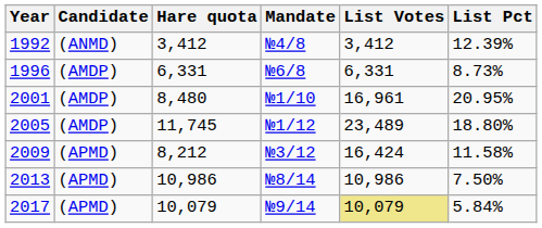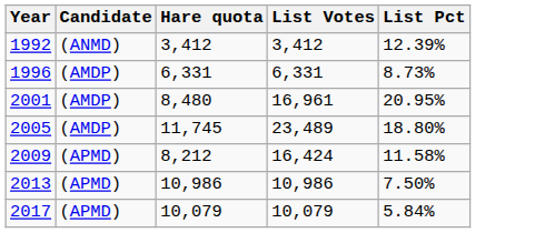 <table class="wikitable" style="margin:0.5em ; font-size:95%">
 <tr>
 <th>Year</th>
 <th>Candidate</th>
 <th>Hare quota</th>
-<th>Mandate</th>
 <th>List Votes</th>
 <th>List Pct</th>
 </tr>
 <tr>
 <td><a href='#'>1992</a></td>
 <td> (<a href='#'>ANMD</a>)</td>
 <td>3,412</td>
-<td><a href='#'>№4/8</a></td>
 <td>3,412</td>
 <td>12.39%</td>
 </tr>
 <tr>
 <td><a href='#'>1996</a></td>
 <td> (<a href='#'>AMDP</a>)</td>
 <td>6,331</td>
-<td><a href='#'>№6/8</a></td>
 <td>6,331</td>
 <td>8.73%</td>
 </tr>
 <tr>
 <td><a href='#'>2001</a></td>
 <td> (<a href='#'>AMDP</a>)</td>
 <td>8,480</td>
-<td><a href='#'>№1/10</a></td>
 <td>16,961</td>
 <td>20.95%</td>
 </tr>
 <tr>
 <td><a href='#'>2005</a></td>
 <td> (<a href='#'>AMDP</a>)</td>
 <td>11,745</td>
-<td><a href='#'>№1/12</a></td>
 <td>23,489</td>
 <td>18.80%</td>
 </tr>
 <tr>
 <td><a href='#'>2009</a></td>
 <td> (<a href='#'>APMD</a>)</td>
 <td>8,212</td>
-<td><a href='#'>№3/12</a></td>
 <td>16,424</td>
 <td>11.58%</td>
 </tr>
 <tr>
 <td><a href='#'>2013</a></td>
 <td> (<a href='#'>APMD</a>)</td>
 <td>10,986</td>
-<td><a href='#'>№8/14</a></td>
 <td>10,986</td>
 <td>7.50%</td>
 </tr>
 <tr>
 <td><a href='#'>2017</a></td>
 <td> (<a href='#'>APMD</a>)</td>
 <td>10,079</td>
-<td><a href='#'>№9/14</a></td>
-<td style="background: khaki;">10,079</td>
+<td>10,079</td>
 <td>5.84%</td>
 </tr>
 </table>
